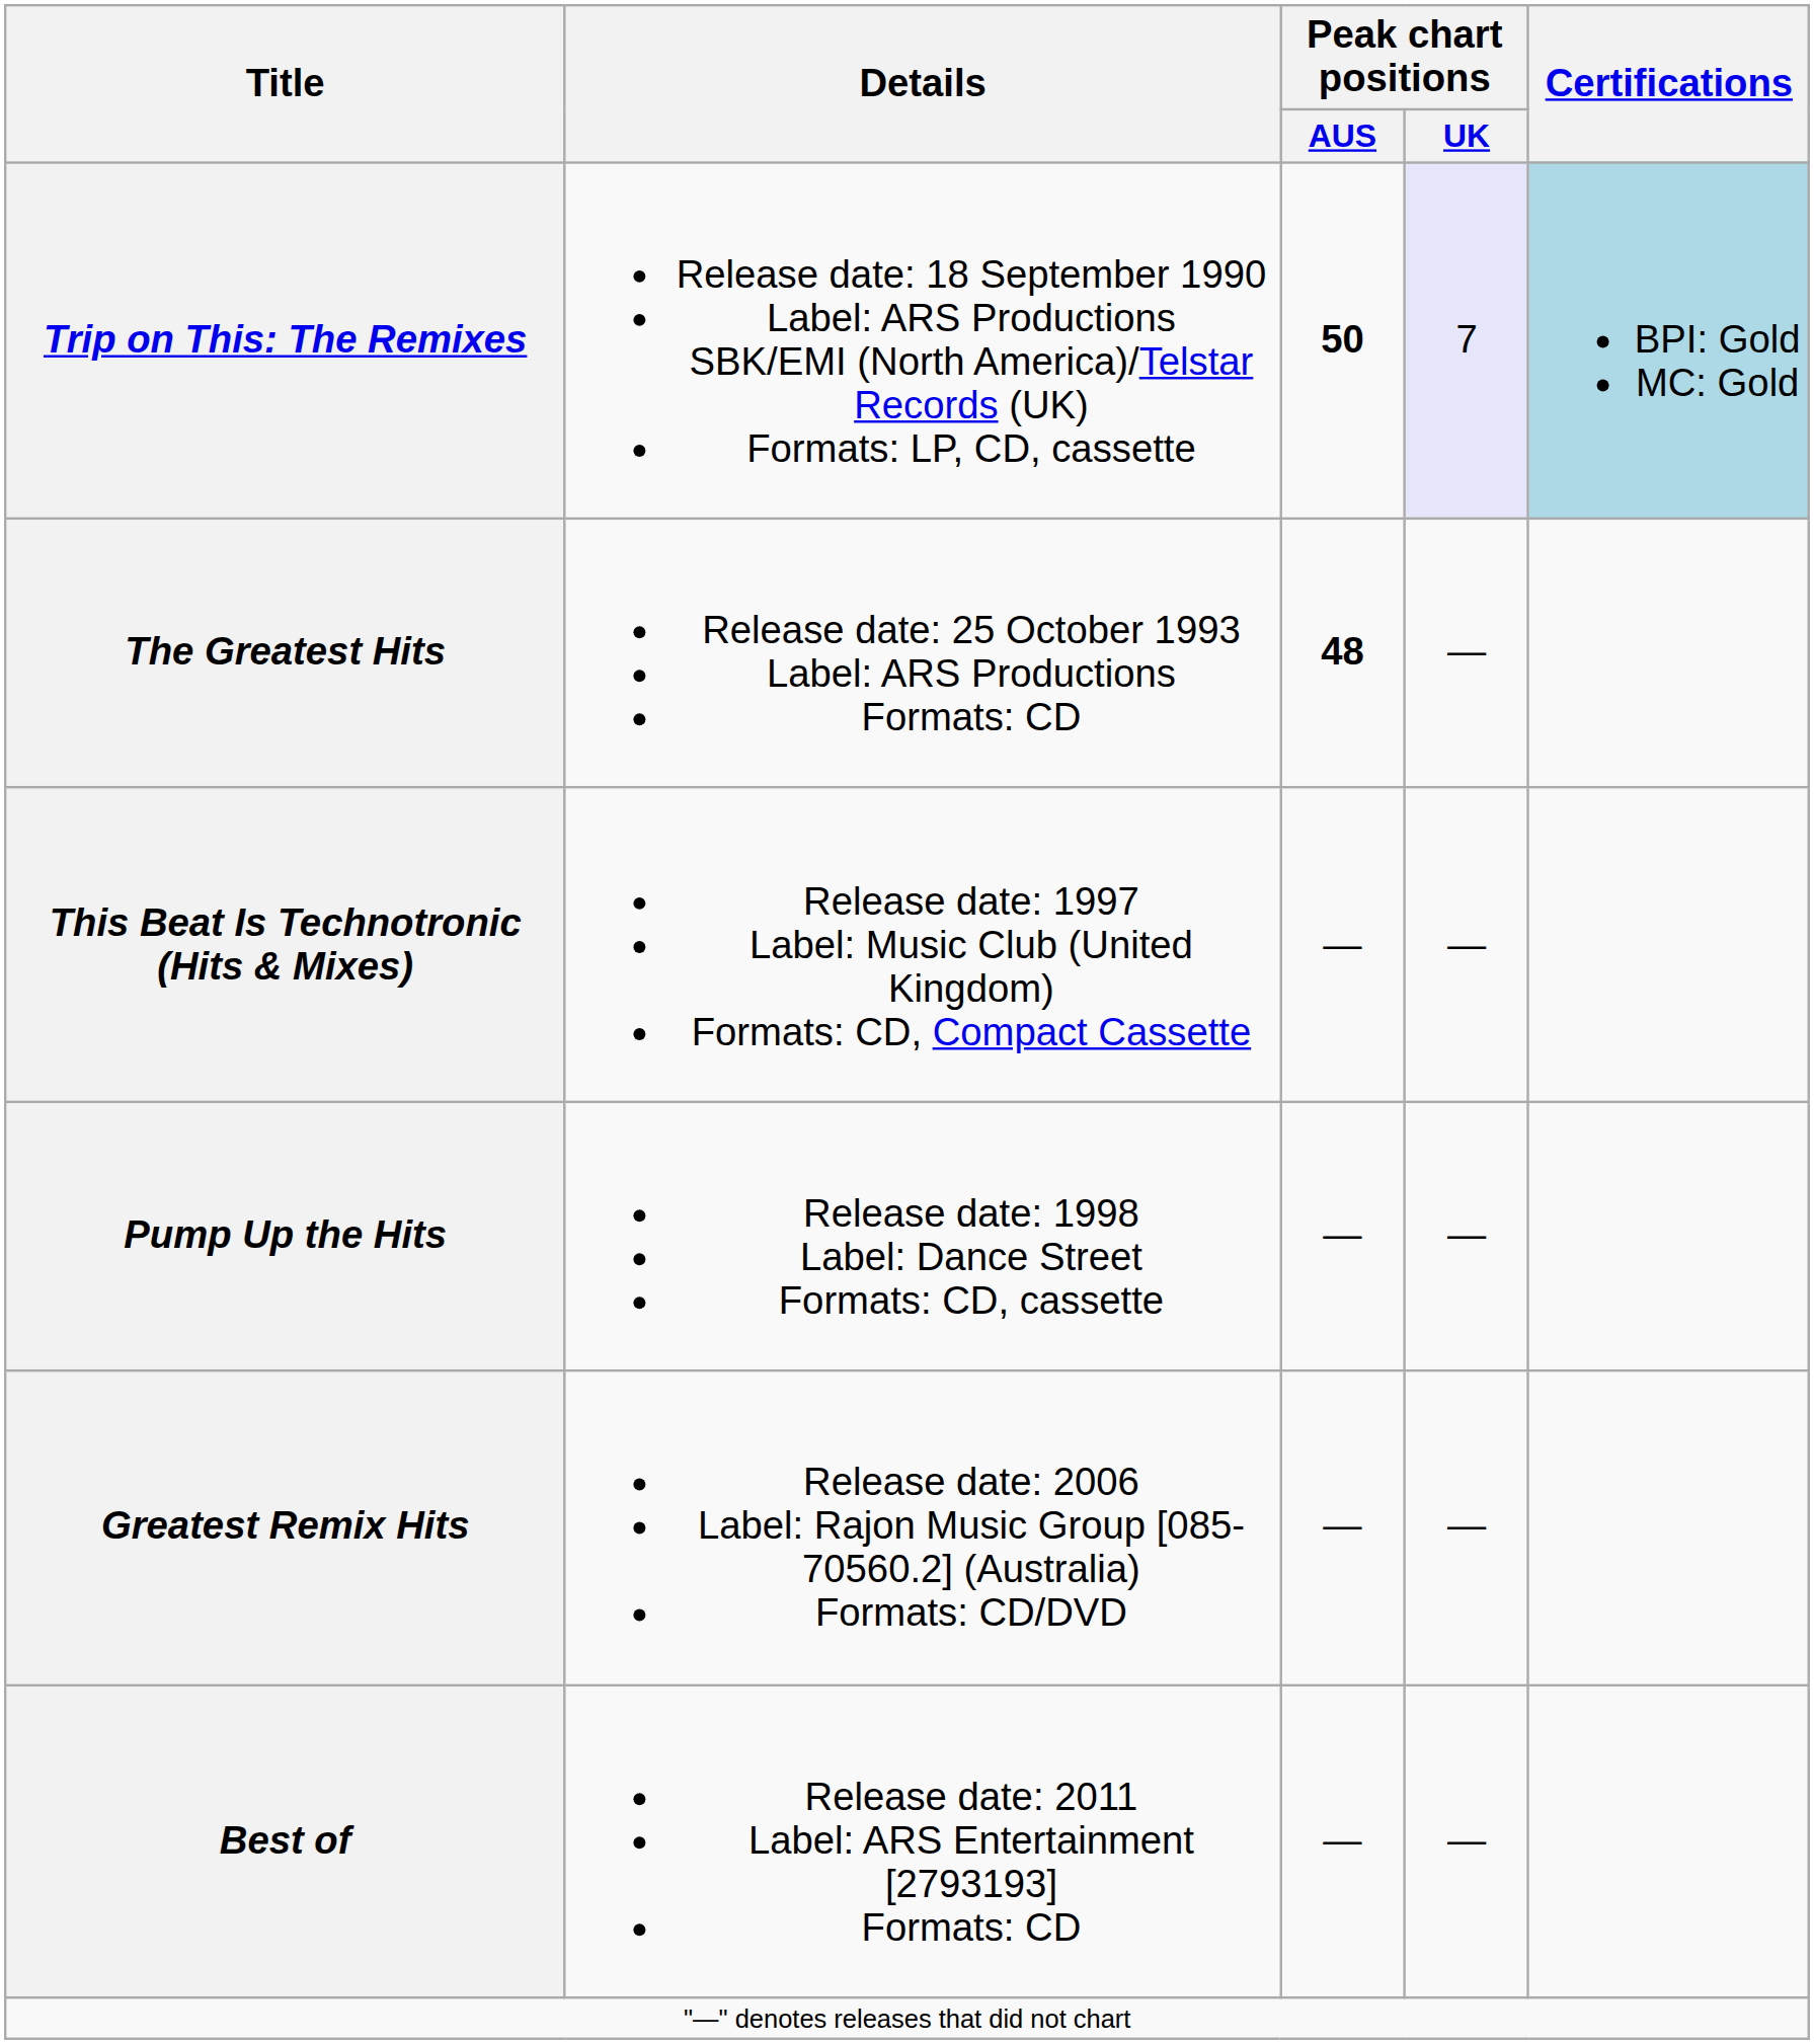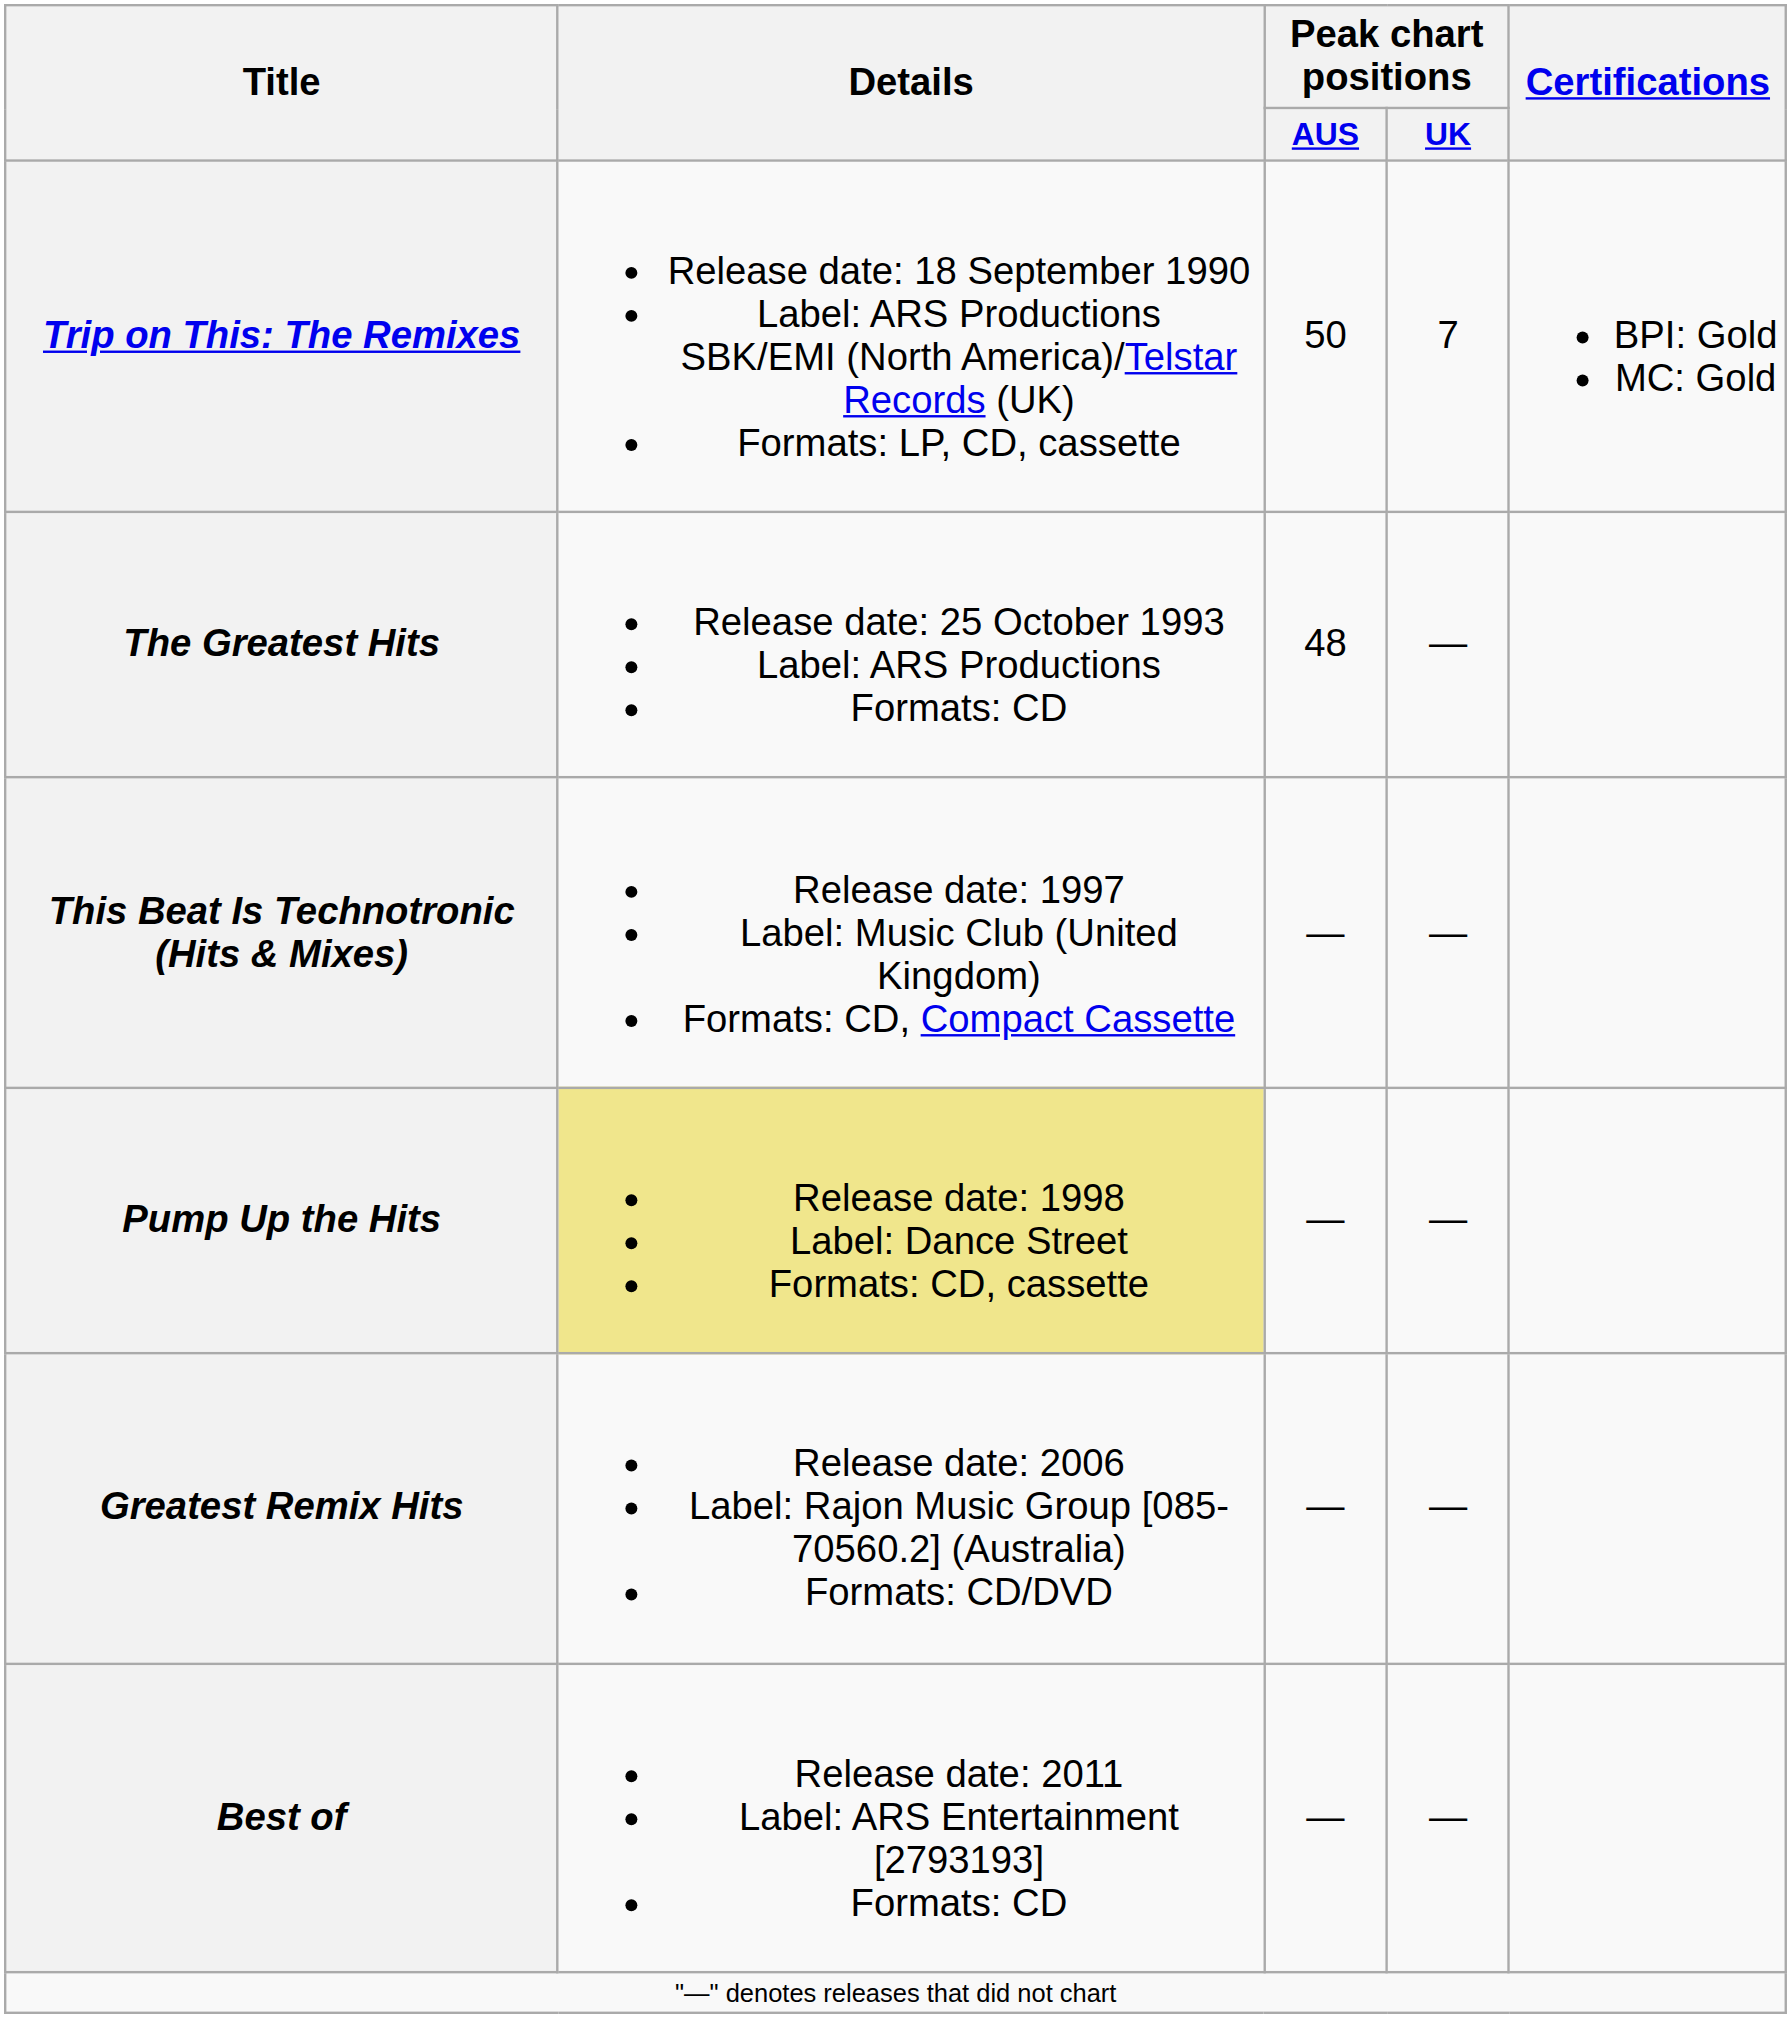 <table class="wikitable plainrowheaders" style="text-align:center;">
 <tr>
 <th rowspan="2" style="width:14em;">Title</th>
 <th rowspan="2" style="width:18em;">Details</th>
 <th colspan="2">Peak chart positions</th>
 <th rowspan="2"><a href='#'>Certifications</a></th>
 </tr>
 <tr style="font-size:smaller;">
 <th style="width:45px;"><a href='#'>AUS</a><br></th>
 <th style="width:45px;"><a href='#'>UK</a><br></th>
 </tr>
 <tr>
 <th scope="row"><em><a href='#'>Trip on This: The Remixes</a></em></th>
 <td><br><ul><li>Release date: 18 September 1990</li><li>Label: ARS Productions<br>SBK/EMI (North America)/<a href='#'>Telstar Records</a> (UK)</li><li>Formats: LP, CD, cassette</li></ul></td>
-<td><strong>50</strong></td>
-<td style="background: lavender;">7</td>
-<td style="background: lightblue;"><br><ul><li>BPI: Gold</li><li>MC: Gold</li></ul></td>
+<td>50</td>
+<td>7</td>
+<td><br><ul><li>BPI: Gold</li><li>MC: Gold</li></ul></td>
 </tr>
 <tr>
 <th scope="row"><em>The Greatest Hits</em></th>
 <td><br><ul><li>Release date: 25 October 1993</li><li>Label: ARS Productions</li><li>Formats: CD</li></ul></td>
-<td><strong>48</strong></td>
+<td>48</td>
 <td>—</td>
 <td></td>
 </tr>
 <tr>
 <th scope="row"><em>This Beat Is Technotronic (Hits & Mixes)</em></th>
 <td><br><ul><li>Release date: 1997</li><li>Label: Music Club (United Kingdom)</li><li>Formats: CD, <a href='#'>Compact Cassette</a></li></ul></td>
 <td>—</td>
 <td>—</td>
 <td></td>
 </tr>
 <tr>
 <th scope="row"><em>Pump Up the Hits</em></th>
-<td><br><ul><li>Release date: 1998</li><li>Label: Dance Street</li><li>Formats: CD, cassette</li></ul></td>
+<td style="background: khaki;"><br><ul><li>Release date: 1998</li><li>Label: Dance Street</li><li>Formats: CD, cassette</li></ul></td>
 <td>—</td>
 <td>—</td>
 <td></td>
 </tr>
 <tr>
 <th scope="row"><em>Greatest Remix Hits</em></th>
 <td><br><ul><li>Release date: 2006</li><li>Label: Rajon Music Group [085-70560.2] (Australia)</li><li>Formats: CD/DVD</li></ul></td>
 <td>—</td>
 <td>—</td>
 <td></td>
 </tr>
 <tr>
 <th scope="row"><em>Best of</em></th>
 <td><br><ul><li>Release date: 2011</li><li>Label: ARS Entertainment [2793193]</li><li>Formats: CD</li></ul></td>
 <td>—</td>
 <td>—</td>
 <td></td>
 </tr>
 <tr>
 <td colspan="15" style="font-size:8pt">"—" denotes releases that did not chart</td>
 </tr>
 </table>
